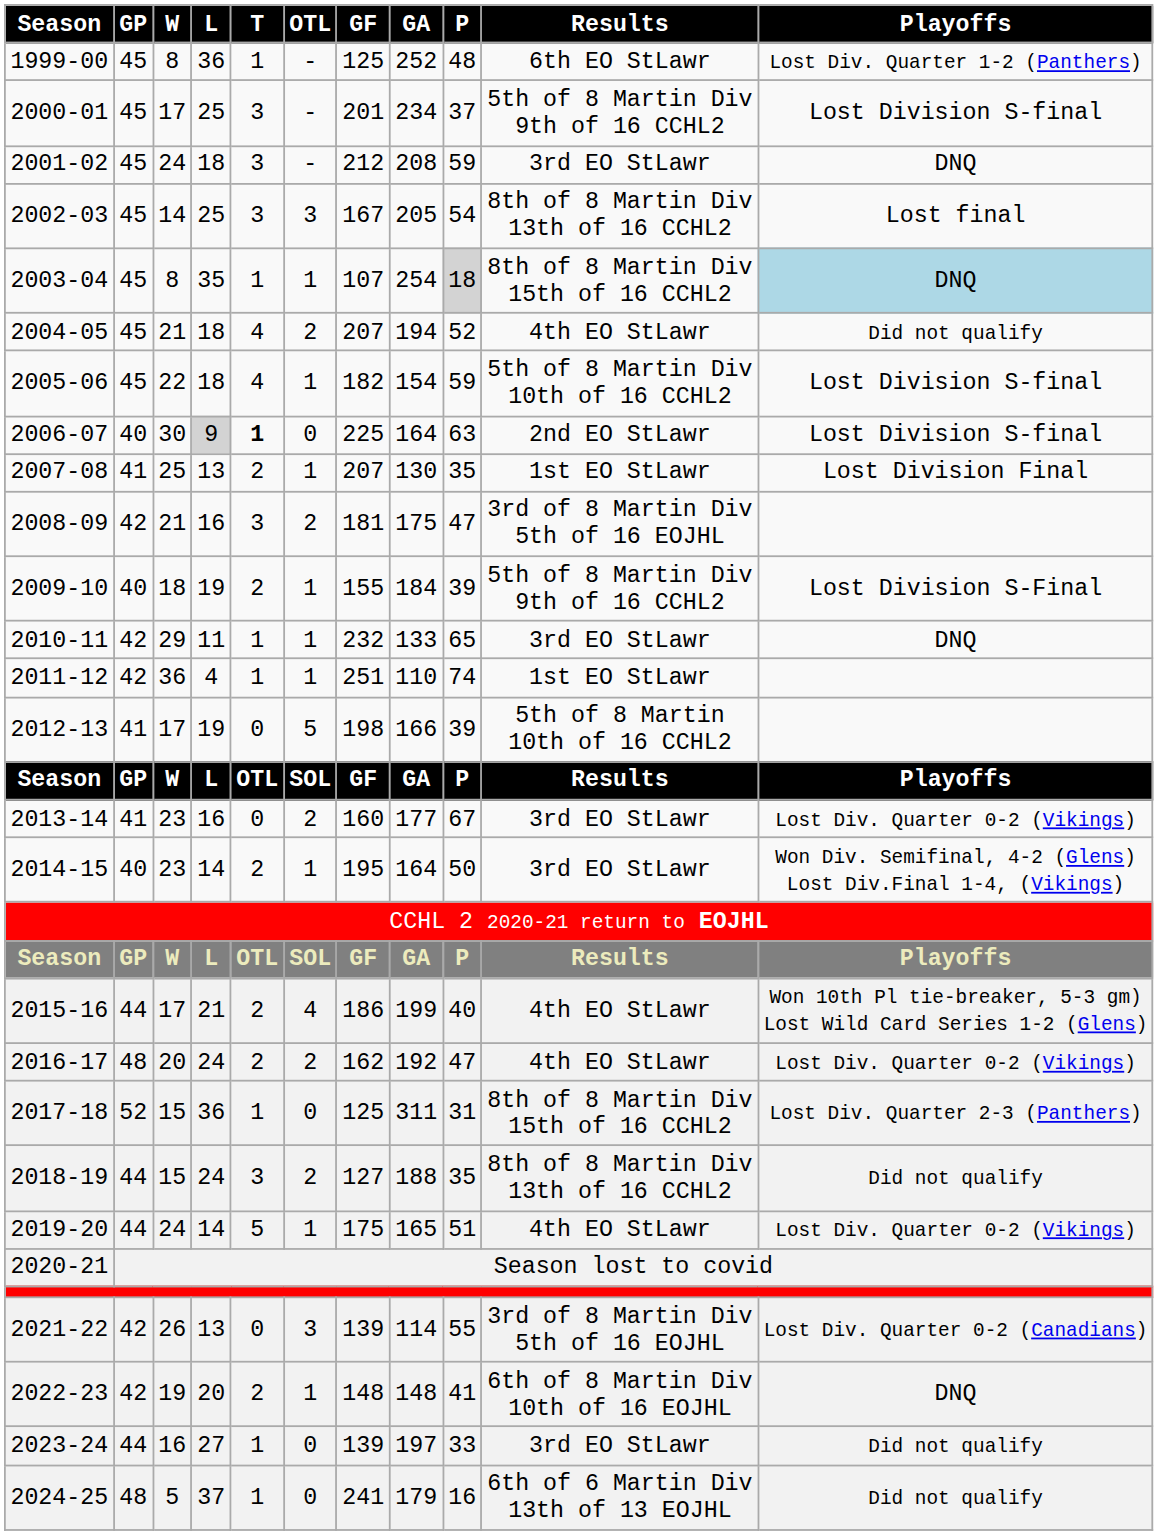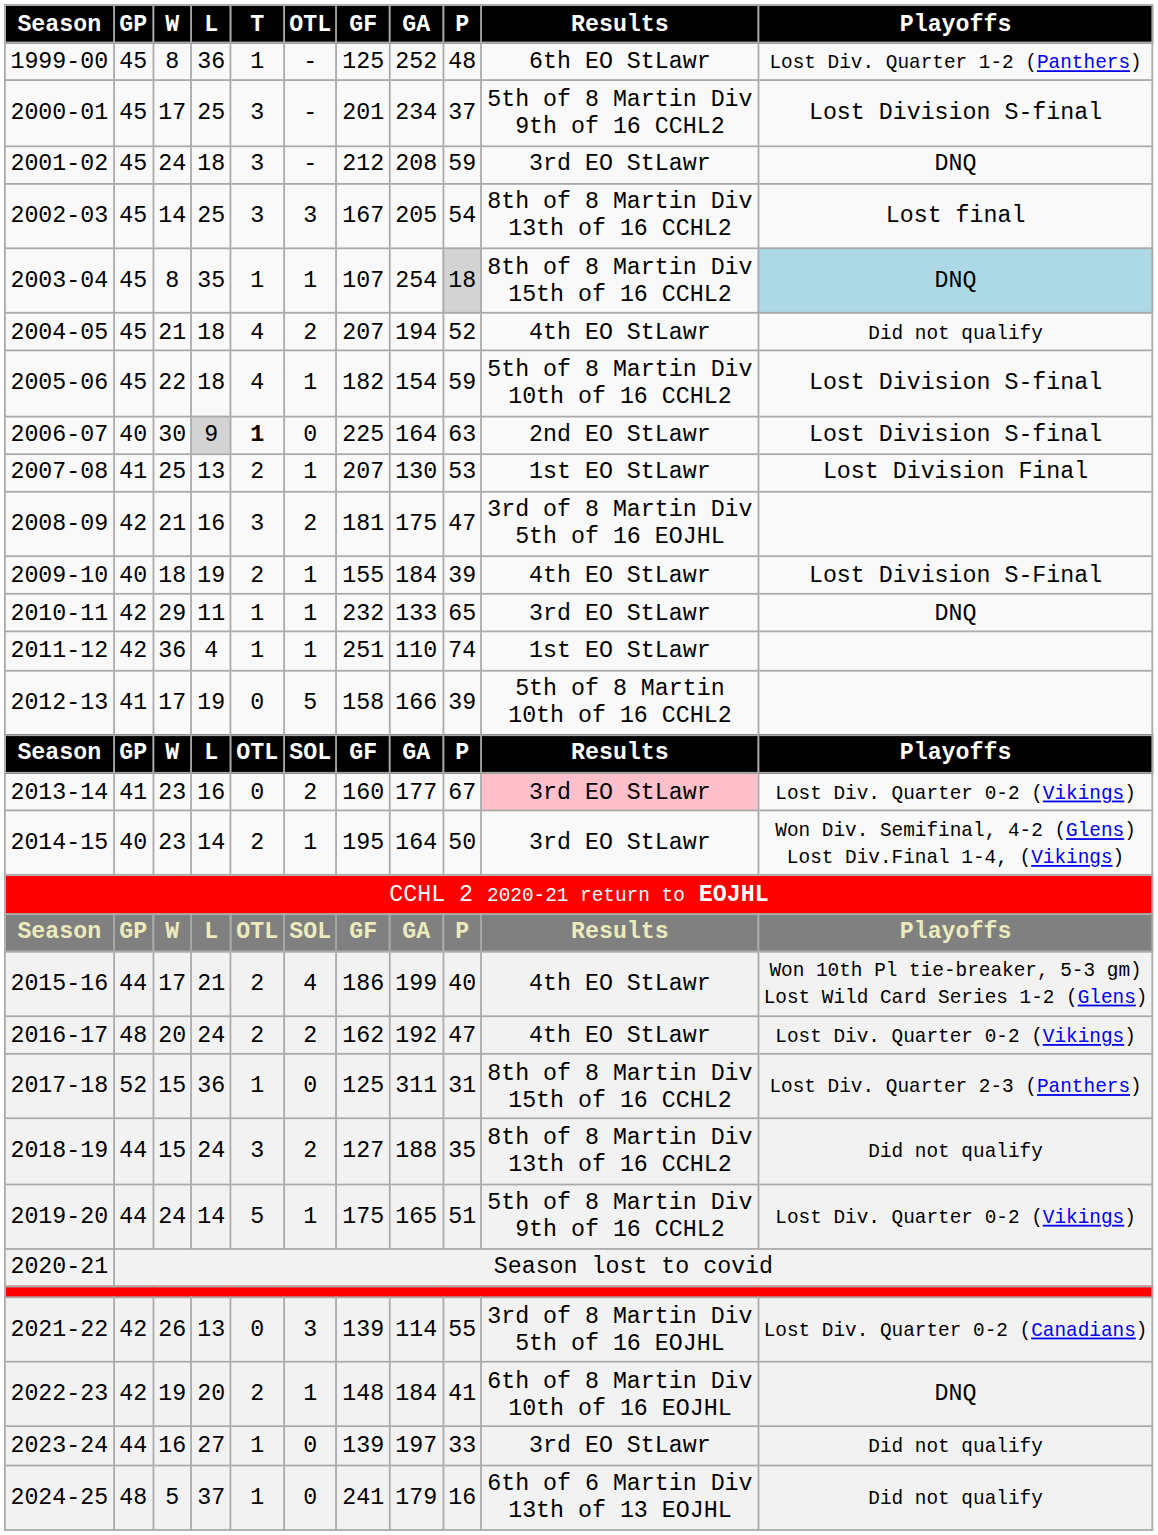 <table class="wikitable">
 <tr align="center" style="color: #FFFFFF" bgcolor="#000000">
 <td><strong>Season</strong></td>
 <td><strong>GP</strong></td>
 <td><strong>W</strong></td>
 <td><strong>L</strong></td>
 <td><strong>T</strong></td>
 <td><strong>OTL</strong></td>
 <td><strong>GF</strong></td>
 <td><strong>GA</strong></td>
 <td><strong>P</strong></td>
 <td><strong>Results</strong></td>
 <td><strong>Playoffs</strong></td>
 </tr>
 <tr align="center">
 <td>1999-00</td>
 <td>45</td>
 <td>8</td>
 <td>36</td>
 <td>1</td>
 <td>-</td>
 <td>125</td>
 <td>252</td>
 <td>48</td>
 <td>6th EO StLawr</td>
 <td><small>Lost Div. Quarter 1-2 (<a href='#'>Panthers</a>)</small></td>
 </tr>
 <tr align="center">
 <td>2000-01</td>
 <td>45</td>
 <td>17</td>
 <td>25</td>
 <td>3</td>
 <td>-</td>
 <td>201</td>
 <td>234</td>
 <td>37</td>
 <td>5th of 8 Martin Div<br>9th of 16 CCHL2</td>
 <td>Lost Division S-final</td>
 </tr>
 <tr align="center">
 <td>2001-02</td>
 <td>45</td>
 <td>24</td>
 <td>18</td>
 <td>3</td>
 <td>-</td>
 <td>212</td>
 <td>208</td>
 <td>59</td>
 <td>3rd EO StLawr</td>
 <td>DNQ</td>
 </tr>
 <tr align="center">
 <td>2002-03</td>
 <td>45</td>
 <td>14</td>
 <td>25</td>
 <td>3</td>
 <td>3</td>
 <td>167</td>
 <td>205</td>
 <td>54</td>
 <td>8th of 8 Martin Div<br>13th of 16 CCHL2</td>
 <td>Lost final</td>
 </tr>
 <tr align="center">
 <td>2003-04</td>
 <td>45</td>
 <td>8</td>
 <td>35</td>
 <td>1</td>
 <td>1</td>
 <td>107</td>
 <td>254</td>
 <td style="background: lightgrey;">18</td>
 <td>8th of 8 Martin Div<br>15th of 16 CCHL2</td>
 <td style="background: lightblue;">DNQ</td>
 </tr>
 <tr align="center">
 <td>2004-05</td>
 <td>45</td>
 <td>21</td>
 <td>18</td>
 <td>4</td>
 <td>2</td>
 <td>207</td>
 <td>194</td>
 <td>52</td>
 <td>4th EO StLawr</td>
 <td><small>Did not qualify</small></td>
 </tr>
 <tr align="center">
 <td>2005-06</td>
 <td>45</td>
 <td>22</td>
 <td>18</td>
 <td>4</td>
 <td>1</td>
 <td>182</td>
 <td>154</td>
 <td>59</td>
 <td>5th of 8 Martin Div<br>10th of 16 CCHL2</td>
 <td>Lost Division S-final</td>
 </tr>
 <tr align="center">
 <td>2006-07</td>
 <td>40</td>
 <td>30</td>
 <td style="background: lightgrey;">9</td>
 <td><strong>1</strong></td>
 <td>0</td>
 <td>225</td>
 <td>164</td>
 <td>63</td>
 <td>2nd EO StLawr</td>
 <td>Lost Division S-final</td>
 </tr>
 <tr align="center">
 <td>2007-08</td>
 <td>41</td>
 <td>25</td>
 <td>13</td>
 <td>2</td>
 <td>1</td>
 <td>207</td>
 <td>130</td>
-<td>35</td>
+<td>53</td>
 <td>1st EO StLawr</td>
 <td>Lost Division Final</td>
 </tr>
 <tr align="center">
 <td>2008-09</td>
 <td>42</td>
 <td>21</td>
 <td>16</td>
 <td>3</td>
 <td>2</td>
 <td>181</td>
 <td>175</td>
 <td>47</td>
 <td>3rd of 8 Martin Div<br>5th of 16 EOJHL</td>
 <td></td>
 </tr>
 <tr align="center">
 <td>2009-10</td>
 <td>40</td>
 <td>18</td>
 <td>19</td>
 <td>2</td>
 <td>1</td>
 <td>155</td>
 <td>184</td>
 <td>39</td>
-<td>5th of 8 Martin Div<br>9th of 16 CCHL2</td>
+<td>4th EO StLawr</td>
 <td>Lost Division S-Final</td>
 </tr>
 <tr align="center">
 <td>2010-11</td>
 <td>42</td>
 <td>29</td>
 <td>11</td>
 <td>1</td>
 <td>1</td>
 <td>232</td>
 <td>133</td>
 <td>65</td>
 <td>3rd EO StLawr</td>
 <td>DNQ</td>
 </tr>
 <tr align="center">
 <td>2011-12</td>
 <td>42</td>
 <td>36</td>
 <td>4</td>
 <td>1</td>
 <td>1</td>
 <td>251</td>
 <td>110</td>
 <td>74</td>
 <td>1st EO StLawr</td>
 <td></td>
 </tr>
 <tr align="center">
 <td>2012-13</td>
 <td>41</td>
 <td>17</td>
 <td>19</td>
 <td>0</td>
 <td>5</td>
-<td>198</td>
+<td>158</td>
 <td>166</td>
 <td>39</td>
 <td>5th of 8 Martin<br>10th of 16 CCHL2</td>
 <td></td>
 </tr>
 <tr align="center" style="color: #FFFFFF" bgcolor="#000000">
 <td><strong>Season</strong></td>
 <td><strong>GP</strong></td>
 <td><strong>W</strong></td>
 <td><strong>L</strong></td>
 <td><strong>OTL</strong></td>
 <td><strong>SOL</strong></td>
 <td><strong>GF</strong></td>
 <td><strong>GA</strong></td>
 <td><strong>P</strong></td>
 <td><strong>Results</strong></td>
 <td><strong>Playoffs</strong></td>
 </tr>
 <tr align="center">
 <td>2013-14</td>
 <td>41</td>
 <td>23</td>
 <td>16</td>
 <td>0</td>
 <td>2</td>
 <td>160</td>
 <td>177</td>
 <td>67</td>
-<td>3rd EO StLawr</td>
+<td style="background: pink;">3rd EO StLawr</td>
 <td><small>Lost Div. Quarter 0-2 (<a href='#'>Vikings</a>)</small></td>
 </tr>
 <tr align="center">
 <td>2014-15</td>
 <td>40</td>
 <td>23</td>
 <td>14</td>
 <td>2</td>
 <td>1</td>
 <td>195</td>
 <td>164</td>
 <td>50</td>
 <td>3rd EO StLawr</td>
 <td><small>Won Div. Semifinal, 4-2 (<a href='#'>Glens</a>)<br>Lost Div.Final 1-4, (<a href='#'>Vikings</a>)</small></td>
 </tr>
 <tr align="center" bgcolor=red style="color: white">
 <td colspan="12">CCHL 2 <small>2020-21 return to</small> <strong>EOJHL</strong></td>
 </tr>
 <tr align="center" style="color: #ECEBBD" bgcolor=grey>
 <td><strong>Season</strong></td>
 <td><strong>GP</strong></td>
 <td><strong>W</strong></td>
 <td><strong>L</strong></td>
 <td><strong>OTL</strong></td>
 <td><strong>SOL</strong></td>
 <td><strong>GF</strong></td>
 <td><strong>GA</strong></td>
 <td><strong>P</strong></td>
 <td><strong>Results</strong></td>
 <td><strong>Playoffs</strong></td>
 </tr>
 <tr align="center" bgcolor="#F2F2F2">
 <td>2015-16</td>
 <td>44</td>
 <td>17</td>
 <td>21</td>
 <td>2</td>
 <td>4</td>
 <td>186</td>
 <td>199</td>
 <td>40</td>
 <td>4th EO StLawr</td>
 <td><small>Won 10th Pl tie-breaker, 5-3 gm)<br>Lost Wild Card Series 1-2 (<a href='#'>Glens</a>)</small></td>
 </tr>
 <tr align="center" bgcolor="#F2F2F2">
 <td>2016-17</td>
 <td>48</td>
 <td>20</td>
 <td>24</td>
 <td>2</td>
 <td>2</td>
 <td>162</td>
 <td>192</td>
 <td>47</td>
 <td>4th EO StLawr</td>
 <td><small>Lost Div. Quarter 0-2 (<a href='#'>Vikings</a>)</small></td>
 </tr>
 <tr align="center" bgcolor="#F2F2F2">
 <td>2017-18</td>
 <td>52</td>
 <td>15</td>
 <td>36</td>
 <td>1</td>
 <td>0</td>
 <td>125</td>
 <td>311</td>
 <td>31</td>
 <td>8th of 8 Martin Div<br>15th of 16 CCHL2</td>
 <td><small>Lost Div. Quarter 2-3 (<a href='#'>Panthers</a>)</small></td>
 </tr>
 <tr align="center" bgcolor="#F2F2F2">
 <td>2018-19</td>
 <td>44</td>
 <td>15</td>
 <td>24</td>
 <td>3</td>
 <td>2</td>
 <td>127</td>
 <td>188</td>
 <td>35</td>
 <td>8th of 8 Martin Div<br>13th of 16 CCHL2</td>
 <td><small>Did not qualify</small></td>
 </tr>
 <tr align="center" bgcolor="#F2F2F2">
 <td>2019-20</td>
 <td>44</td>
 <td>24</td>
 <td>14</td>
 <td>5</td>
 <td>1</td>
 <td>175</td>
 <td>165</td>
 <td>51</td>
-<td>4th EO StLawr</td>
+<td>5th of 8 Martin Div<br>9th of 16 CCHL2</td>
 <td><small>Lost Div. Quarter 0-2 (<a href='#'>Vikings</a>)</small></td>
 </tr>
 <tr align="center" bgcolor="#F2F2F2">
 <td>2020-21</td>
 <td colspan="10">Season lost to covid</td>
 </tr>
 <tr align="center" bgcolor=red style="color: white">
 <td colspan="12"></td>
 </tr>
 <tr align="center" bgcolor="#F2F2F2">
 <td>2021-22</td>
 <td>42</td>
 <td>26</td>
 <td>13</td>
 <td>0</td>
 <td>3</td>
 <td>139</td>
 <td>114</td>
 <td>55</td>
 <td>3rd of 8 Martin Div<br>5th of 16 EOJHL</td>
 <td><small>Lost Div. Quarter 0-2 (<a href='#'>Canadians</a>)</small></td>
 </tr>
 <tr align="center" bgcolor="#F2F2F2">
 <td>2022-23</td>
 <td>42</td>
 <td>19</td>
 <td>20</td>
 <td>2</td>
 <td>1</td>
 <td>148</td>
-<td>148</td>
+<td>184</td>
 <td>41</td>
 <td>6th of 8 Martin Div<br>10th of 16 EOJHL</td>
 <td>DNQ</td>
 </tr>
 <tr align="center" bgcolor="#F2F2F2">
 <td>2023-24</td>
 <td>44</td>
 <td>16</td>
 <td>27</td>
 <td>1</td>
 <td>0</td>
 <td>139</td>
 <td>197</td>
 <td>33</td>
 <td>3rd EO StLawr</td>
 <td><small>Did not qualify</small></td>
 </tr>
 <tr align="center" bgcolor="#F2F2F2">
 <td>2024-25</td>
 <td>48</td>
 <td>5</td>
 <td>37</td>
 <td>1</td>
 <td>0</td>
 <td>241</td>
 <td>179</td>
 <td>16</td>
 <td>6th of 6 Martin Div<br>13th of 13 EOJHL</td>
 <td><small>Did not qualify</small></td>
 </tr>
 </table>
